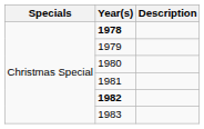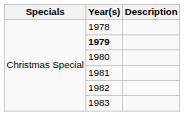 <table class="wikitable sortable">
 <tr>
 <th>Specials</th>
 <th>Year(s)</th>
 <th>Description</th>
 </tr>
 <tr>
 <td rowspan="6">Christmas Special</td>
-<td><strong>1978</strong></td>
+<td>1978</td>
 <td></td>
 </tr>
 <tr>
-<td>1979</td>
+<td><strong>1979</strong></td>
 <td></td>
 </tr>
 <tr>
 <td>1980</td>
 <td></td>
 </tr>
 <tr>
 <td>1981</td>
 <td></td>
 </tr>
 <tr>
-<td><strong>1982</strong></td>
+<td>1982</td>
 <td></td>
 </tr>
 <tr>
 <td>1983</td>
 <td></td>
 </tr>
 </table>
